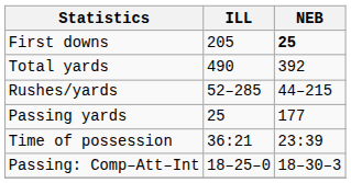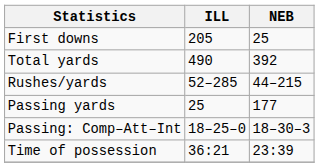 <table class="wikitable" style="float: left;">
 <tr>
 <th>Statistics</th>
 <th>ILL</th>
 <th>NEB</th>
 </tr>
 <tr>
 <td>First downs</td>
 <td>205</td>
-<td><strong>25</strong></td>
+<td>25</td>
 </tr>
 <tr>
 <td>Total yards</td>
 <td>490</td>
 <td>392</td>
 </tr>
 <tr>
 <td>Rushes/yards</td>
 <td>52–285</td>
 <td>44–215</td>
 </tr>
 <tr>
 <td>Passing yards</td>
 <td>25</td>
 <td>177</td>
 </tr>
 <tr>
+<td>Passing: Comp–Att–Int</td>
+<td>18–25–0</td>
+<td>18–30–3</td>
+</tr>
+<tr>
 <td>Time of possession</td>
 <td>36:21</td>
 <td>23:39</td>
 </tr>
 <tr>
-<td>Passing: Comp–Att–Int</td>
-<td>18–25–0</td>
-<td>18–30–3</td>
-</tr>
-<tr>
 </tr>
 </table>
